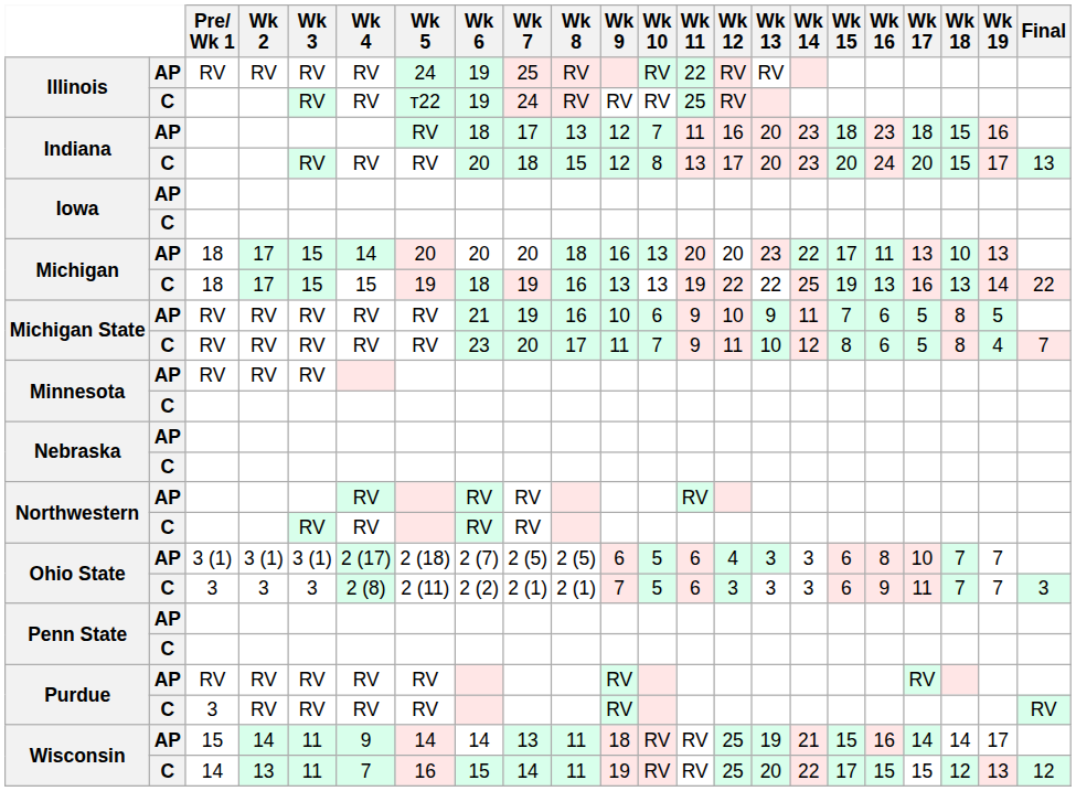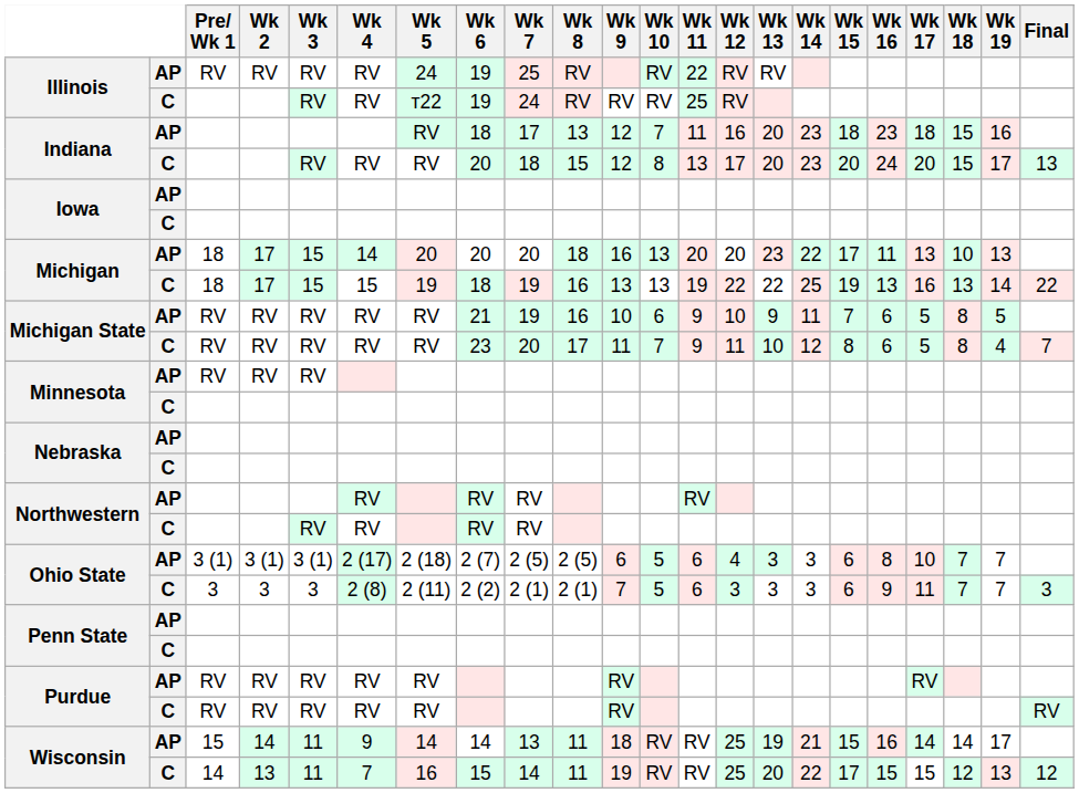 <table class="wikitable" style="white-space:nowrap;font-size:90%;">
 <tr>
 <th colspan=2 style="background:white; border-top-style:hidden; border-left-style:hidden;"></th>
 <th>Pre/<br>Wk 1</th>
 <th>Wk<br>2</th>
 <th>Wk<br>3</th>
 <th>Wk<br>4</th>
 <th>Wk<br>5</th>
 <th>Wk<br>6</th>
 <th>Wk<br>7</th>
 <th>Wk<br>8</th>
 <th>Wk<br>9</th>
 <th>Wk<br>10</th>
 <th>Wk<br>11</th>
 <th>Wk<br>12</th>
 <th>Wk<br>13</th>
 <th>Wk<br>14</th>
 <th>Wk<br>15</th>
 <th>Wk<br>16</th>
 <th>Wk<br>17</th>
 <th>Wk<br>18</th>
 <th>Wk<br>19</th>
 <th>Final</th>
 </tr>
 <tr style="text-align:center;">
 <th rowspan=2 style="background:#">Illinois</th>
 <th>AP</th>
 <td style="background:#FFF;">RV</td>
 <td style="background:#FFF;">RV</td>
 <td style="background:#FFF;">RV</td>
 <td style="background:#FFF;">RV</td>
 <td style="background:#D8FFEB;">24</td>
 <td style="background:#D8FFEB;">19</td>
 <td style="background:#ffe6e6;">25</td>
 <td style="background:#ffe6e6;">RV</td>
 <td style="background:#ffe6e6;"></td>
 <td style="background:#D8FFEB;">RV</td>
 <td style="background:#D8FFEB;">22</td>
 <td style="background:#ffe6e6;">RV</td>
 <td style="background:#FFF;">RV</td>
 <td style="background:#ffe6e6;"></td>
 <td style="background:#FFF;"></td>
 <td style="background:#FFF;"></td>
 <td style="background:#FFF;"></td>
 <td style="background:#FFF;"></td>
 <td style="background:#FFF;"></td>
 <td style="background:#FFF;"></td>
 </tr>
 <tr style="text-align:center;">
 <th>C</th>
 <td style="background:#FFF;"></td>
 <td style="background:#FFF;"></td>
 <td style="background:#D8FFEB;">RV</td>
 <td style="background:#FFF;">RV</td>
 <td style="background:#D8FFEB;">т22</td>
 <td style="background:#D8FFEB;">19</td>
 <td style="background:#ffe6e6;">24</td>
 <td style="background:#ffe6e6;">RV</td>
 <td style="background:#FFF;">RV</td>
 <td style="background:#FFF;">RV</td>
 <td style="background:#D8FFEB;">25</td>
 <td style="background:#ffe6e6;">RV</td>
 <td style="background:#ffe6e6;"></td>
 <td style="background:#FFF;"></td>
 <td style="background:#FFF;"></td>
 <td style="background:#FFF;"></td>
 <td style="background:#FFF;"></td>
 <td style="background:#FFF;"></td>
 <td style="background:#FFF;"></td>
 <td style="background:#FFF;"></td>
 </tr>
 <tr style="text-align:center;">
 <th rowspan=2 style=>Indiana</th>
 <th>AP</th>
 <td style="background:#FFF;"></td>
 <td style="background:#FFF;"></td>
 <td style="background:#FFF;"></td>
 <td style="background:#FFF;"></td>
 <td style="background:#D8FFEB;">RV</td>
 <td style="background:#D8FFEB;">18</td>
 <td style="background:#D8FFEB;">17</td>
 <td style="background:#D8FFEB;">13</td>
 <td style="background:#D8FFEB;">12</td>
 <td style="background:#D8FFEB;">7</td>
 <td style="background:#ffe6e6;">11</td>
 <td style="background:#ffe6e6;">16</td>
 <td style="background:#ffe6e6;">20</td>
 <td style="background:#ffe6e6;">23</td>
 <td style="background:#D8FFEB;">18</td>
 <td style="background:#ffe6e6;">23</td>
 <td style="background:#D8FFEB;">18</td>
 <td style="background:#D8FFEB;">15</td>
 <td style="background:#ffe6e6;">16</td>
 <td style="background:#FFF;"></td>
 </tr>
 <tr style="text-align:center;">
 <th>C</th>
 <td style="background:#FFF;"></td>
 <td style="background:#FFF;"></td>
 <td style="background:#D8FFEB;">RV</td>
 <td style="background:#FFF;">RV</td>
 <td style="background:#FFF;">RV</td>
 <td style="background:#D8FFEB;">20</td>
 <td style="background:#D8FFEB;">18</td>
 <td style="background:#D8FFEB;">15</td>
 <td style="background:#D8FFEB;">12</td>
 <td style="background:#D8FFEB;">8</td>
 <td style="background:#ffe6e6;">13</td>
 <td style="background:#ffe6e6;">17</td>
 <td style="background:#ffe6e6;">20</td>
 <td style="background:#ffe6e6;">23</td>
 <td style="background:#D8FFEB;">20</td>
 <td style="background:#ffe6e6;">24</td>
 <td style="background:#D8FFEB;">20</td>
 <td style="background:#D8FFEB;">15</td>
 <td style="background:#ffe6e6;">17</td>
 <td style="background:#D8FFEB;">13</td>
 </tr>
 <tr style="text-align:center;">
 <th rowspan=2 style=>Iowa</th>
 <th>AP</th>
 <td style="background:#FFF;"></td>
 <td style="background:#FFF;"></td>
 <td style="background:#FFF;"></td>
 <td style="background:#FFF;"></td>
 <td style="background:#FFF;"></td>
 <td style="background:#FFF;"></td>
 <td style="background:#FFF;"></td>
 <td style="background:#FFF;"></td>
 <td style="background:#FFF;"></td>
 <td style="background:#FFF;"></td>
 <td style="background:#FFF;"></td>
 <td style="background:#FFF;"></td>
 <td style="background:#FFF;"></td>
 <td style="background:#FFF;"></td>
 <td style="background:#FFF;"></td>
 <td style="background:#FFF;"></td>
 <td style="background:#FFF;"></td>
 <td style="background:#FFF;"></td>
 <td style="background:#FFF;"></td>
 <td style="background:#FFF;"></td>
 </tr>
 <tr style="text-align:center;">
 <th>C</th>
 <td style="background:#FFF;"></td>
 <td style="background:#FFF;"></td>
 <td style="background:#FFF;"></td>
 <td style="background:#FFF;"></td>
 <td style="background:#FFF;"></td>
 <td style="background:#FFF;"></td>
 <td style="background:#FFF;"></td>
 <td style="background:#FFF;"></td>
 <td style="background:#FFF;"></td>
 <td style="background:#FFF;"></td>
 <td style="background:#FFF;"></td>
 <td style="background:#FFF;"></td>
 <td style="background:#FFF;"></td>
 <td style="background:#FFF;"></td>
 <td style="background:#FFF;"></td>
 <td style="background:#FFF;"></td>
 <td style="background:#FFF;"></td>
 <td style="background:#FFF;"></td>
 <td style="background:#FFF;"></td>
 <td style="background:#FFF;"></td>
 </tr>
 <tr style="text-align:center;">
 <th rowspan=2 style=>Michigan</th>
 <th>AP</th>
 <td style="background:#FFF;">18</td>
 <td style="background:#D8FFEB;">17</td>
 <td style="background:#D8FFEB;">15</td>
 <td style="background:#D8FFEB;">14</td>
 <td style="background:#ffe6e6;">20</td>
 <td style="background:#FFF;">20</td>
 <td style="background:#FFF;">20</td>
 <td style="background:#D8FFEB;">18</td>
 <td style="background:#D8FFEB;">16</td>
 <td style="background:#D8FFEB;">13</td>
 <td style="background:#ffe6e6;">20</td>
 <td style="background:#FFF;">20</td>
 <td style="background:#ffe6e6;">23</td>
 <td style="background:#D8FFEB;">22</td>
 <td style="background:#D8FFEB;">17</td>
 <td style="background:#D8FFEB;">11</td>
 <td style="background:#ffe6e6;">13</td>
 <td style="background:#D8FFEB;">10</td>
 <td style="background:#ffe6e6;">13</td>
 <td style="background:#FFF;"></td>
 </tr>
 <tr style="text-align:center;">
 <th>C</th>
 <td style="background:#FFF;">18</td>
 <td style="background:#D8FFEB;">17</td>
 <td style="background:#D8FFEB;">15</td>
 <td style="background:#FFF;">15</td>
 <td style="background:#ffe6e6;">19</td>
 <td style="background:#D8FFEB;">18</td>
 <td style="background:#ffe6e6;">19</td>
 <td style="background:#D8FFEB;">16</td>
 <td style="background:#D8FFEB;">13</td>
 <td style="background:#FFF;">13</td>
 <td style="background:#ffe6e6;">19</td>
 <td style="background:#ffe6e6;">22</td>
 <td style="background:#FFF;">22</td>
 <td style="background:#ffe6e6;">25</td>
 <td style="background:#D8FFEB;">19</td>
 <td style="background:#D8FFEB;">13</td>
 <td style="background:#ffe6e6;">16</td>
 <td style="background:#D8FFEB;">13</td>
 <td style="background:#ffe6e6;">14</td>
 <td style="background:#ffe6e6;">22</td>
 </tr>
 <tr style="text-align:center;">
 <th rowspan=2 style=>Michigan State</th>
 <th>AP</th>
 <td style="background:#FFF;">RV</td>
 <td style="background:#FFF;">RV</td>
 <td style="background:#FFF;">RV</td>
 <td style="background:#FFF;">RV</td>
 <td style="background:#FFF;">RV</td>
 <td style="background:#D8FFEB;">21</td>
 <td style="background:#D8FFEB;">19</td>
 <td style="background:#D8FFEB;">16</td>
 <td style="background:#D8FFEB;">10</td>
 <td style="background:#D8FFEB;">6</td>
 <td style="background:#ffe6e6;">9</td>
 <td style="background:#ffe6e6;">10</td>
 <td style="background:#D8FFEB;">9</td>
 <td style="background:#ffe6e6;">11</td>
 <td style="background:#D8FFEB;">7</td>
 <td style="background:#D8FFEB;">6</td>
 <td style="background:#D8FFEB;">5</td>
 <td style="background:#ffe6e6;">8</td>
 <td style="background:#D8FFEB;">5</td>
 <td style="background:#FFF;"></td>
 </tr>
 <tr style="text-align:center;">
 <th>C</th>
 <td style="background:#FFF;">RV</td>
 <td style="background:#FFF;">RV</td>
 <td style="background:#FFF;">RV</td>
 <td style="background:#FFF;">RV</td>
 <td style="background:#FFF;">RV</td>
 <td style="background:#D8FFEB;">23</td>
 <td style="background:#D8FFEB;">20</td>
 <td style="background:#D8FFEB;">17</td>
 <td style="background:#D8FFEB;">11</td>
 <td style="background:#D8FFEB;">7</td>
 <td style="background:#ffe6e6;">9</td>
 <td style="background:#ffe6e6;">11</td>
 <td style="background:#D8FFEB;">10</td>
 <td style="background:#ffe6e6;">12</td>
 <td style="background:#D8FFEB;">8</td>
 <td style="background:#D8FFEB;">6</td>
 <td style="background:#D8FFEB;">5</td>
 <td style="background:#ffe6e6;">8</td>
 <td style="background:#D8FFEB;">4</td>
 <td style="background:#ffe6e6;">7</td>
 </tr>
 <tr style="text-align:center;">
 <th rowspan=2 style=>Minnesota</th>
 <th>AP</th>
 <td style="background:#FFF;">RV</td>
 <td style="background:#FFF;">RV</td>
 <td style="background:#FFF;">RV</td>
 <td style="background:#ffe6e6;"></td>
 <td style="background:#FFF;"></td>
 <td style="background:#FFF;"></td>
 <td style="background:#FFF;"></td>
 <td style="background:#FFF;"></td>
 <td style="background:#FFF;"></td>
 <td style="background:#FFF;"></td>
 <td style="background:#FFF;"></td>
 <td style="background:#FFF;"></td>
 <td style="background:#FFF;"></td>
 <td style="background:#FFF;"></td>
 <td style="background:#FFF;"></td>
 <td style="background:#FFF;"></td>
 <td style="background:#FFF;"></td>
 <td style="background:#FFF;"></td>
 <td style="background:#FFF;"></td>
 <td style="background:#FFF;"></td>
 </tr>
 <tr style="text-align:center;">
 <th>C</th>
 <td style="background:#FFF;"></td>
 <td style="background:#FFF;"></td>
 <td style="background:#FFF;"></td>
 <td style="background:#FFF;"></td>
 <td style="background:#FFF;"></td>
 <td style="background:#FFF;"></td>
 <td style="background:#FFF;"></td>
 <td style="background:#FFF;"></td>
 <td style="background:#FFF;"></td>
 <td style="background:#FFF;"></td>
 <td style="background:#FFF;"></td>
 <td style="background:#FFF;"></td>
 <td style="background:#FFF;"></td>
 <td style="background:#FFF;"></td>
 <td style="background:#FFF;"></td>
 <td style="background:#FFF;"></td>
 <td style="background:#FFF;"></td>
 <td style="background:#FFF;"></td>
 <td style="background:#FFF;"></td>
 <td style="background:#FFF;"></td>
 </tr>
 <tr style="text-align:center;">
 <th rowspan=2 style=>Nebraska</th>
 <th>AP</th>
 <td style="background:#FFF;"></td>
 <td style="background:#FFF;"></td>
 <td style="background:#FFF;"></td>
 <td style="background:#FFF;"></td>
 <td style="background:#FFF;"></td>
 <td style="background:#FFF;"></td>
 <td style="background:#FFF;"></td>
 <td style="background:#FFF;"></td>
 <td style="background:#FFF;"></td>
 <td style="background:#FFF;"></td>
 <td style="background:#FFF;"></td>
 <td style="background:#FFF;"></td>
 <td style="background:#FFF;"></td>
 <td style="background:#FFF;"></td>
 <td style="background:#FFF;"></td>
 <td style="background:#FFF;"></td>
 <td style="background:#FFF;"></td>
 <td style="background:#FFF;"></td>
 <td style="background:#FFF;"></td>
 <td style="background:#FFF;"></td>
 </tr>
 <tr style="text-align:center;">
 <th>C</th>
 <td style="background:#FFF;"></td>
 <td style="background:#FFF;"></td>
 <td style="background:#FFF;"></td>
 <td style="background:#FFF;"></td>
 <td style="background:#FFF;"></td>
 <td style="background:#FFF;"></td>
 <td style="background:#FFF;"></td>
 <td style="background:#FFF;"></td>
 <td style="background:#FFF;"></td>
 <td style="background:#FFF;"></td>
 <td style="background:#FFF;"></td>
 <td style="background:#FFF;"></td>
 <td style="background:#FFF;"></td>
 <td style="background:#FFF;"></td>
 <td style="background:#FFF;"></td>
 <td style="background:#FFF;"></td>
 <td style="background:#FFF;"></td>
 <td style="background:#FFF;"></td>
 <td style="background:#FFF;"></td>
 <td style="background:#FFF;"></td>
 </tr>
 <tr style="text-align:center;">
 <th rowspan=2 style=>Northwestern</th>
 <th>AP</th>
 <td style="background:#FFF;"></td>
 <td style="background:#FFF;"></td>
 <td style="background:#FFF;"></td>
 <td style="background:#D8FFEB;">RV</td>
 <td style="background:#ffe6e6;"></td>
 <td style="background:#D8FFEB;">RV</td>
 <td style="background:#FFF;">RV</td>
 <td style="background:#ffe6e6;"></td>
 <td style="background:#FFF;"></td>
 <td style="background:#FFF;"></td>
 <td style="background:#D8FFEB;">RV</td>
 <td style="background:#ffe6e6;"></td>
 <td style="background:#FFF;"></td>
 <td style="background:#FFF;"></td>
 <td style="background:#FFF;"></td>
 <td style="background:#FFF;"></td>
 <td style="background:#FFF;"></td>
 <td style="background:#FFF;"></td>
 <td style="background:#FFF;"></td>
 <td style="background:#FFF;"></td>
 </tr>
 <tr style="text-align:center;">
 <th>C</th>
 <td style="background:#FFF;"></td>
 <td style="background:#FFF;"></td>
 <td style="background:#D8FFEB;">RV</td>
 <td style="background:#FFF;">RV</td>
 <td style="background:#ffe6e6;"></td>
 <td style="background:#D8FFEB;">RV</td>
 <td style="background:#FFF;">RV</td>
 <td style="background:#ffe6e6;"></td>
 <td style="background:#FFF;"></td>
 <td style="background:#FFF;"></td>
 <td style="background:#FFF;"></td>
 <td style="background:#FFF;"></td>
 <td style="background:#FFF;"></td>
 <td style="background:#FFF;"></td>
 <td style="background:#FFF;"></td>
 <td style="background:#FFF;"></td>
 <td style="background:#FFF;"></td>
 <td style="background:#FFF;"></td>
 <td style="background:#FFF;"></td>
 <td style="background:#FFF;"></td>
 </tr>
 <tr style="text-align:center;">
 <th rowspan=2 style=>Ohio State</th>
 <th>AP</th>
 <td style="background:#FFF;">3 (1)</td>
 <td style="background:#FFF;">3 (1)</td>
 <td style="background:#FFF;">3 (1)</td>
 <td style="background:#D8FFEB;">2 (17)</td>
 <td style="background:#FFF;">2 (18)</td>
 <td style="background:#FFF;">2 (7)</td>
 <td style="background:#FFF;">2 (5)</td>
 <td style="background:#FFF;">2 (5)</td>
 <td style="background:#ffe6e6;">6</td>
 <td style="background:#D8FFEB;">5</td>
 <td style="background:#ffe6e6;">6</td>
 <td style="background:#D8FFEB;">4</td>
 <td style="background:#D8FFEB;">3</td>
 <td style="background:#FFF;">3</td>
 <td style="background:#ffe6e6;">6</td>
 <td style="background:#ffe6e6;">8</td>
 <td style="background:#ffe6e6;">10</td>
 <td style="background:#D8FFEB;">7</td>
 <td style="background:#FFF;">7</td>
 <td style="background:#FFF;"></td>
 </tr>
 <tr style="text-align:center;">
 <th>C</th>
 <td style="background:#FFF;">3</td>
 <td style="background:#FFF;">3</td>
 <td style="background:#FFF;">3</td>
 <td style="background:#D8FFEB;">2 (8)</td>
 <td style="background:#FFF;">2 (11)</td>
 <td style="background:#FFF;">2 (2)</td>
 <td style="background:#FFF;">2 (1)</td>
 <td style="background:#FFF;">2 (1)</td>
 <td style="background:#ffe6e6;">7</td>
 <td style="background:#D8FFEB;">5</td>
 <td style="background:#ffe6e6;">6</td>
 <td style="background:#D8FFEB;">3</td>
 <td style="background:#FFF;">3</td>
 <td style="background:#FFF;">3</td>
 <td style="background:#ffe6e6;">6</td>
 <td style="background:#ffe6e6;">9</td>
 <td style="background:#ffe6e6;">11</td>
 <td style="background:#D8FFEB;">7</td>
 <td style="background:#FFF;">7</td>
 <td style="background:#D8FFEB;">3</td>
 </tr>
 <tr style="text-align:center;">
 <th rowspan=2 style=>Penn State</th>
 <th>AP</th>
 <td style="background:#FFF;"></td>
 <td style="background:#FFF;"></td>
 <td style="background:#FFF;"></td>
 <td style="background:#FFF;"></td>
 <td style="background:#FFF;"></td>
 <td style="background:#FFF;"></td>
 <td style="background:#FFF;"></td>
 <td style="background:#FFF;"></td>
 <td style="background:#FFF;"></td>
 <td style="background:#FFF;"></td>
 <td style="background:#FFF;"></td>
 <td style="background:#FFF;"></td>
 <td style="background:#FFF;"></td>
 <td style="background:#FFF;"></td>
 <td style="background:#FFF;"></td>
 <td style="background:#FFF;"></td>
 <td style="background:#FFF;"></td>
 <td style="background:#FFF;"></td>
 <td style="background:#FFF;"></td>
 <td style="background:#FFF;"></td>
 </tr>
 <tr style="text-align:center;">
 <th>C</th>
 <td style="background:#FFF;"></td>
 <td style="background:#FFF;"></td>
 <td style="background:#FFF;"></td>
 <td style="background:#FFF;"></td>
 <td style="background:#FFF;"></td>
 <td style="background:#FFF;"></td>
 <td style="background:#FFF;"></td>
 <td style="background:#FFF;"></td>
 <td style="background:#FFF;"></td>
 <td style="background:#FFF;"></td>
 <td style="background:#FFF;"></td>
 <td style="background:#FFF;"></td>
 <td style="background:#FFF;"></td>
 <td style="background:#FFF;"></td>
 <td style="background:#FFF;"></td>
 <td style="background:#FFF;"></td>
 <td style="background:#FFF;"></td>
 <td style="background:#FFF;"></td>
 <td style="background:#FFF;"></td>
 <td style="background:#FFF;"></td>
 </tr>
 <tr style="text-align:center;">
 <th rowspan=2 style=>Purdue</th>
 <th>AP</th>
 <td style="background:#FFF;">RV</td>
 <td style="background:#FFF;">RV</td>
 <td style="background:#FFF;">RV</td>
 <td style="background:#FFF;">RV</td>
 <td style="background:#FFF;">RV</td>
 <td style="background:#ffe6e6;"></td>
 <td style="background:#FFF;"></td>
 <td style="background:#FFF;"></td>
 <td style="background:#D8FFEB;">RV</td>
 <td style="background:#ffe6e6;"></td>
 <td style="background:#FFF;"></td>
 <td style="background:#FFF;"></td>
 <td style="background:#FFF;"></td>
 <td style="background:#FFF;"></td>
 <td style="background:#FFF;"></td>
 <td style="background:#FFF;"></td>
 <td style="background:#D8FFEB;">RV</td>
 <td style="background:#ffe6e6;"></td>
 <td style="background:#FFF;"></td>
 <td style="background:#FFF;"></td>
 </tr>
 <tr style="text-align:center;">
 <th>C</th>
-<td style="background:#FFF;">3</td>
+<td style="background:#FFF;">RV</td>
 <td style="background:#FFF;">RV</td>
 <td style="background:#FFF;">RV</td>
 <td style="background:#FFF;">RV</td>
 <td style="background:#FFF;">RV</td>
 <td style="background:#ffe6e6;"></td>
 <td style="background:#FFF;"></td>
 <td style="background:#FFF;"></td>
 <td style="background:#D8FFEB;">RV</td>
 <td style="background:#ffe6e6;"></td>
 <td style="background:#FFF;"></td>
 <td style="background:#FFF;"></td>
 <td style="background:#FFF;"></td>
 <td style="background:#FFF;"></td>
 <td style="background:#FFF;"></td>
 <td style="background:#FFF;"></td>
 <td style="background:#FFF;"></td>
 <td style="background:#FFF;"></td>
 <td style="background:#FFF;"></td>
 <td style="background:#D8FFEB;">RV</td>
 </tr>
 <tr style="text-align:center;">
 <th rowspan=2 style=>Wisconsin</th>
 <th>AP</th>
 <td style="background:#FFF;">15</td>
 <td style="background:#D8FFEB;">14</td>
 <td style="background:#D8FFEB;">11</td>
 <td style="background:#D8FFEB;">9</td>
 <td style="background:#ffe6e6;">14</td>
 <td style="background:#FFF;">14</td>
 <td style="background:#D8FFEB;">13</td>
 <td style="background:#D8FFEB;">11</td>
 <td style="background:#ffe6e6;">18</td>
 <td style="background:#ffe6e6;">RV</td>
 <td style="background:#FFF;">RV</td>
 <td style="background:#D8FFEB;">25</td>
 <td style="background:#D8FFEB;">19</td>
 <td style="background:#ffe6e6;">21</td>
 <td style="background:#D8FFEB;">15</td>
 <td style="background:#ffe6e6;">16</td>
 <td style="background:#D8FFEB;">14</td>
 <td style="background:#FFF;">14</td>
 <td style="background:#FFF;">17</td>
 <td style="background:#FFF;"></td>
 </tr>
 <tr style="text-align:center;">
 <th>C</th>
 <td style="background:#FFF;">14</td>
 <td style="background:#D8FFEB;">13</td>
 <td style="background:#D8FFEB;">11</td>
 <td style="background:#D8FFEB;">7</td>
 <td style="background:#ffe6e6;">16</td>
 <td style="background:#D8FFEB;">15</td>
 <td style="background:#D8FFEB;">14</td>
 <td style="background:#D8FFEB;">11</td>
 <td style="background:#ffe6e6;">19</td>
 <td style="background:#ffe6e6;">RV</td>
 <td style="background:#FFF;">RV</td>
 <td style="background:#D8FFEB;">25</td>
 <td style="background:#D8FFEB;">20</td>
 <td style="background:#ffe6e6;">22</td>
 <td style="background:#D8FFEB;">17</td>
 <td style="background:#D8FFEB;">15</td>
 <td style="background:#FFF;">15</td>
 <td style="background:#D8FFEB;">12</td>
 <td style="background:#ffe6e6;">13</td>
 <td style="background:#D8FFEB;">12</td>
 </tr>
 <tr>
 </tr>
 </table>
